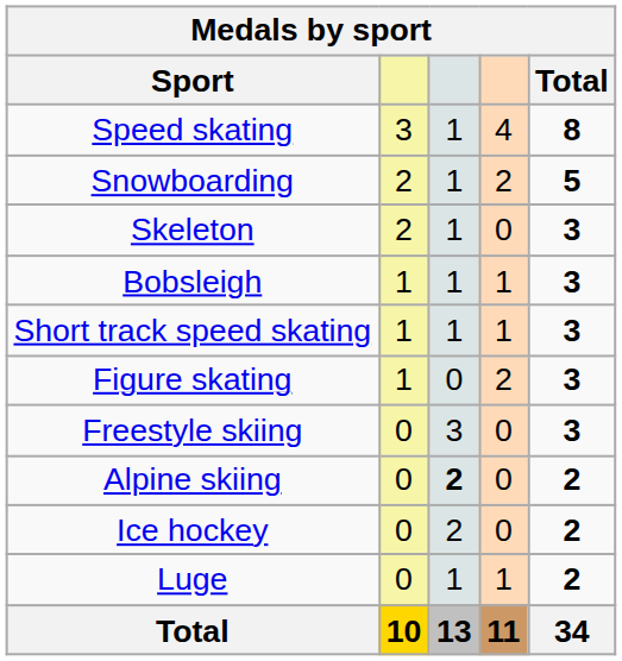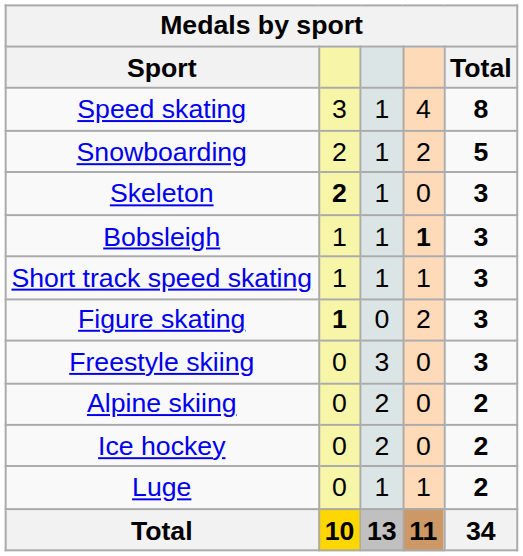 <table class=wikitable style=font-size:85%;float:right;text-align:center>
 <tr>
 <th colspan=5>Medals by sport</th>
 </tr>
 <tr>
 <th>Sport</th>
 <td bgcolor=F7F6A8></td>
 <td bgcolor=DCE5E5></td>
 <td bgcolor=FFDAB9></td>
 <th>Total</th>
 </tr>
 <tr>
 <td><a href='#'>Speed skating</a></td>
 <td bgcolor=F7F6A8>3</td>
 <td bgcolor=DCE5E5>1</td>
 <td bgcolor=FFDAB9>4</td>
 <td><strong>8</strong></td>
 </tr>
 <tr>
 <td><a href='#'>Snowboarding</a></td>
 <td bgcolor=F7F6A8>2</td>
 <td bgcolor=DCE5E5>1</td>
 <td bgcolor=FFDAB9>2</td>
 <td><strong>5</strong></td>
 </tr>
 <tr>
 <td><a href='#'>Skeleton</a></td>
-<td bgcolor=F7F6A8>2</td>
+<td bgcolor=F7F6A8><strong>2</strong></td>
 <td bgcolor=DCE5E5>1</td>
 <td bgcolor=FFDAB9>0</td>
 <td><strong>3</strong></td>
 </tr>
 <tr>
 <td><a href='#'>Bobsleigh</a></td>
 <td bgcolor=F7F6A8>1</td>
 <td bgcolor=DCE5E5>1</td>
-<td bgcolor=FFDAB9>1</td>
+<td bgcolor=FFDAB9><strong>1</strong></td>
 <td><strong>3</strong></td>
 </tr>
 <tr>
 <td><a href='#'>Short track speed skating</a></td>
 <td bgcolor=F7F6A8>1</td>
 <td bgcolor=DCE5E5>1</td>
 <td bgcolor=FFDAB9>1</td>
 <td><strong>3</strong></td>
 </tr>
 <tr>
 <td><a href='#'>Figure skating</a></td>
-<td bgcolor=F7F6A8>1</td>
+<td bgcolor=F7F6A8><strong>1</strong></td>
 <td bgcolor=DCE5E5>0</td>
 <td bgcolor=FFDAB9>2</td>
 <td><strong>3</strong></td>
 </tr>
 <tr>
 <td><a href='#'>Freestyle skiing</a></td>
 <td bgcolor=F7F6A8>0</td>
 <td bgcolor=DCE5E5>3</td>
 <td bgcolor=FFDAB9>0</td>
 <td><strong>3</strong></td>
 </tr>
 <tr>
 <td><a href='#'>Alpine skiing</a></td>
 <td bgcolor=F7F6A8>0</td>
-<td bgcolor=DCE5E5><strong>2</strong></td>
+<td bgcolor=DCE5E5>2</td>
 <td bgcolor=FFDAB9>0</td>
 <td><strong>2</strong></td>
 </tr>
 <tr>
 <td><a href='#'>Ice hockey</a></td>
 <td bgcolor=F7F6A8>0</td>
 <td bgcolor=DCE5E5>2</td>
 <td bgcolor=FFDAB9>0</td>
 <td><strong>2</strong></td>
 </tr>
 <tr>
 <td><a href='#'>Luge</a></td>
 <td bgcolor=F7F6A8>0</td>
 <td bgcolor=DCE5E5>1</td>
 <td bgcolor=FFDAB9>1</td>
 <td><strong>2</strong></td>
 </tr>
 <tr>
 <th>Total</th>
 <th style=background:gold>10</th>
 <th style=background:silver>13</th>
 <th style=background:#c96>11</th>
 <th>34</th>
 </tr>
 </table>
